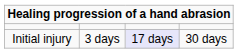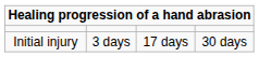 <table class="wikitable" style="float: right; text-align: center; margin-left: 15px;">
 <tr>
 <td colspan="5"><strong>Healing progression of a hand abrasion</strong></td>
 </tr>
 <tr>
 <td></td>
 <td></td>
 <td></td>
 <td></td>
 </tr>
 <tr>
 <td style="border-top:0px;">Initial injury</td>
 <td style="border-top:0px;">3 days</td>
-<td style="background: lavender; border-top:0px;">17 days</td>
+<td style="border-top:0px;">17 days</td>
 <td style="border-top:0px;">30 days</td>
 </tr>
 </table>
